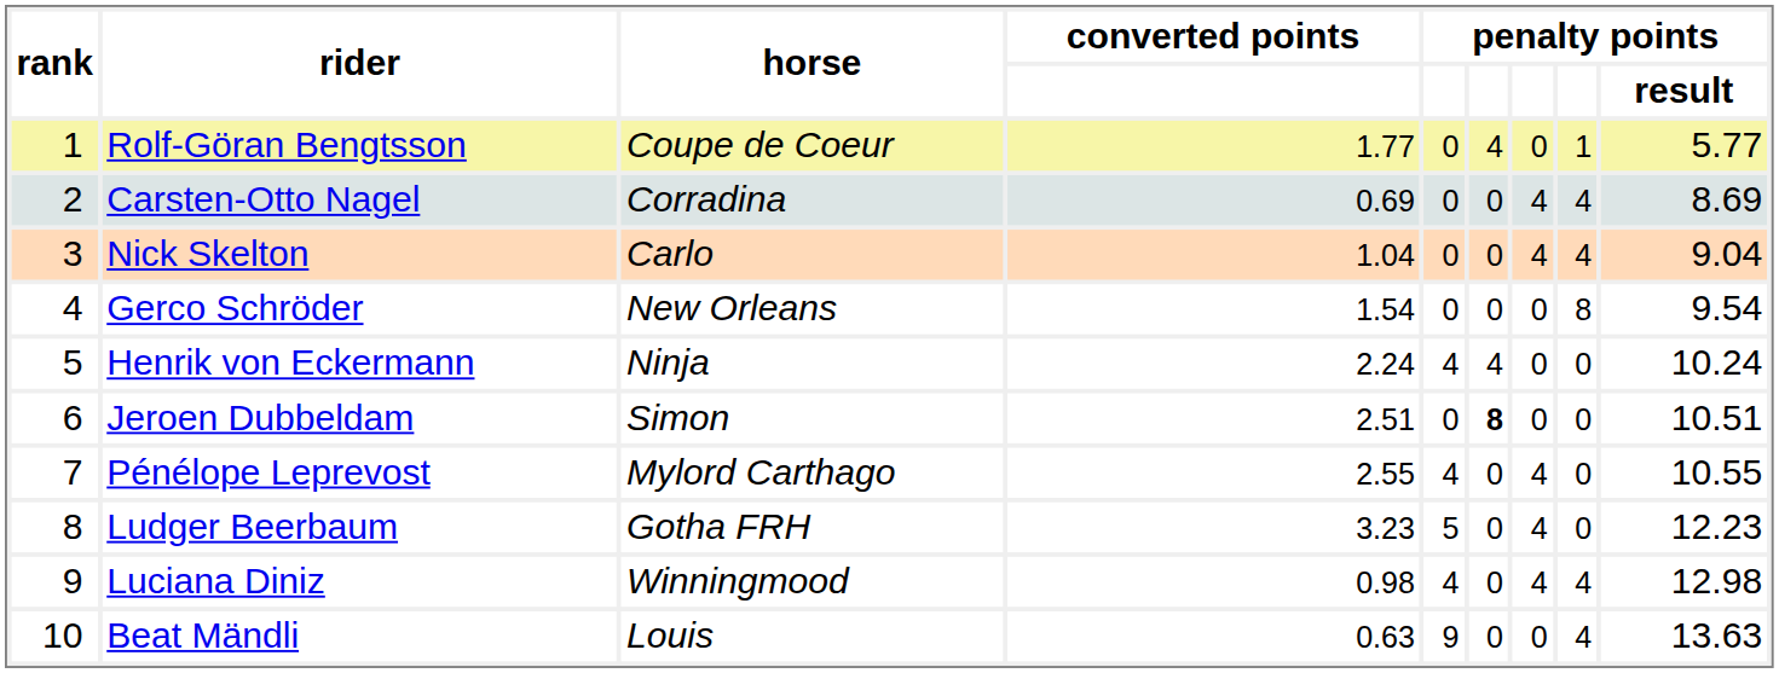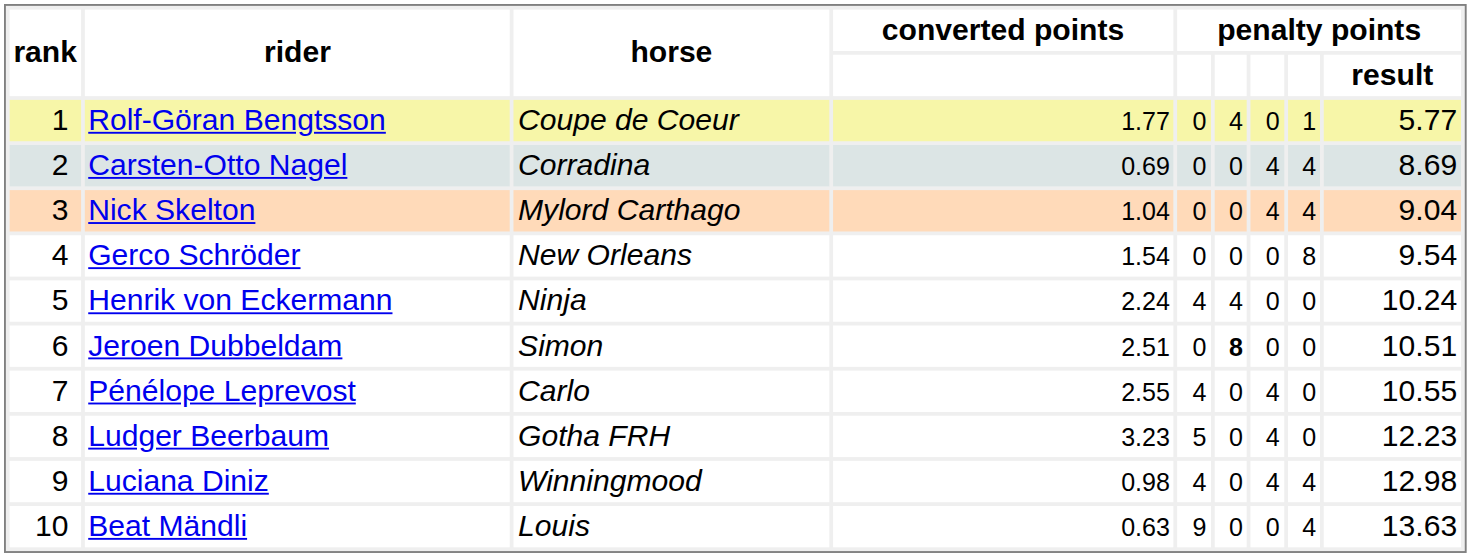 <table style="border:1px solid #808080; background-color:#EFEFEF;" cellspacing="2" cellpadding="2">
 <tr style="background-color:#FFFFFF;">
 <th rowspan=2 width="5%">rank</th>
 <th rowspan=2>rider</th>
 <th rowspan=2>horse</th>
 <th>converted points</th>
 <th colspan=5>penalty points</th>
 </tr>
 <tr style="background-color:#FFFFFF;">
 <th><br></th>
 <th><br></th>
 <th><br></th>
 <th><br></th>
 <th><br></th>
 <th>result</th>
 </tr>
 <tr valign="top" style="background-color:#F7F6A8;">
 <td align="right">1 </td>
 <td> <a href='#'>Rolf-Göran Bengtsson</a></td>
 <td><em>Coupe de Coeur</em></td>
 <td align="right"><small>1.77</small></td>
 <td align="right"><small>0</small></td>
 <td align="right"><small>4</small></td>
 <td align="right"><small>0</small></td>
 <td align="right"><small>1</small></td>
 <td align="right">5.77</td>
 </tr>
 <tr valign="top" style="background-color:#DCE5E5;">
 <td align="right">2 </td>
 <td> <a href='#'>Carsten-Otto Nagel</a></td>
 <td><em>Corradina</em></td>
 <td align="right"><small>0.69</small></td>
 <td align="right"><small>0</small></td>
 <td align="right"><small>0</small></td>
 <td align="right"><small>4</small></td>
 <td align="right"><small>4</small></td>
 <td align="right">8.69</td>
 </tr>
 <tr valign="top" style="background-color:#FFDAB9;">
 <td align="right">3 </td>
 <td> <a href='#'>Nick Skelton</a></td>
-<td><em>Carlo</em></td>
+<td><em>Mylord Carthago</em></td>
 <td align="right"><small>1.04</small></td>
 <td align="right"><small>0</small></td>
 <td align="right"><small>0</small></td>
 <td align="right"><small>4</small></td>
 <td align="right"><small>4</small></td>
 <td align="right">9.04</td>
 </tr>
 <tr style="background-color:#FFFFFF;">
 <td align="right">4 </td>
 <td> <a href='#'>Gerco Schröder</a></td>
 <td><em>New Orleans</em></td>
 <td align="right"><small>1.54</small></td>
 <td align="right"><small>0</small></td>
 <td align="right"><small>0</small></td>
 <td align="right"><small>0</small></td>
 <td align="right"><small>8</small></td>
 <td align="right">9.54</td>
 </tr>
 <tr style="background-color:#FFFFFF;">
 <td align="right">5 </td>
 <td> <a href='#'>Henrik von Eckermann</a></td>
 <td><em>Ninja</em></td>
 <td align="right"><small>2.24</small></td>
 <td align="right"><small>4</small></td>
 <td align="right"><small>4</small></td>
 <td align="right"><small>0</small></td>
 <td align="right"><small>0</small></td>
 <td align="right">10.24</td>
 </tr>
 <tr style="background-color:#FFFFFF;">
 <td align="right">6 </td>
 <td> <a href='#'>Jeroen Dubbeldam</a></td>
 <td><em>Simon</em></td>
 <td align="right"><small>2.51</small></td>
 <td align="right"><small>0</small></td>
 <td align="right"><strong><small>8</small></strong></td>
 <td align="right"><small>0</small></td>
 <td align="right"><small>0</small></td>
 <td align="right">10.51</td>
 </tr>
 <tr style="background-color:#FFFFFF;">
 <td align="right">7 </td>
 <td> <a href='#'>Pénélope Leprevost</a></td>
-<td><em>Mylord Carthago</em></td>
+<td><em>Carlo</em></td>
 <td align="right"><small>2.55</small></td>
 <td align="right"><small>4</small></td>
 <td align="right"><small>0</small></td>
 <td align="right"><small>4</small></td>
 <td align="right"><small>0</small></td>
 <td align="right">10.55</td>
 </tr>
 <tr style="background-color:#FFFFFF;">
 <td align="right">8 </td>
 <td> <a href='#'>Ludger Beerbaum</a></td>
 <td><em>Gotha FRH</em></td>
 <td align="right"><small>3.23</small></td>
 <td align="right"><small>5</small></td>
 <td align="right"><small>0</small></td>
 <td align="right"><small>4</small></td>
 <td align="right"><small>0</small></td>
 <td align="right">12.23</td>
 </tr>
 <tr style="background-color:#FFFFFF;">
 <td align="right">9 </td>
 <td> <a href='#'>Luciana Diniz</a></td>
 <td><em>Winningmood</em></td>
 <td align="right"><small>0.98</small></td>
 <td align="right"><small>4</small></td>
 <td align="right"><small>0</small></td>
 <td align="right"><small>4</small></td>
 <td align="right"><small>4</small></td>
 <td align="right">12.98</td>
 </tr>
 <tr style="background-color:#FFFFFF;">
 <td align="right">10 </td>
 <td> <a href='#'>Beat Mändli</a></td>
 <td><em>Louis</em></td>
 <td align="right"><small>0.63</small></td>
 <td align="right"><small>9</small></td>
 <td align="right"><small>0</small></td>
 <td align="right"><small>0</small></td>
 <td align="right"><small>4</small></td>
 <td align="right">13.63</td>
 </tr>
 </table>
